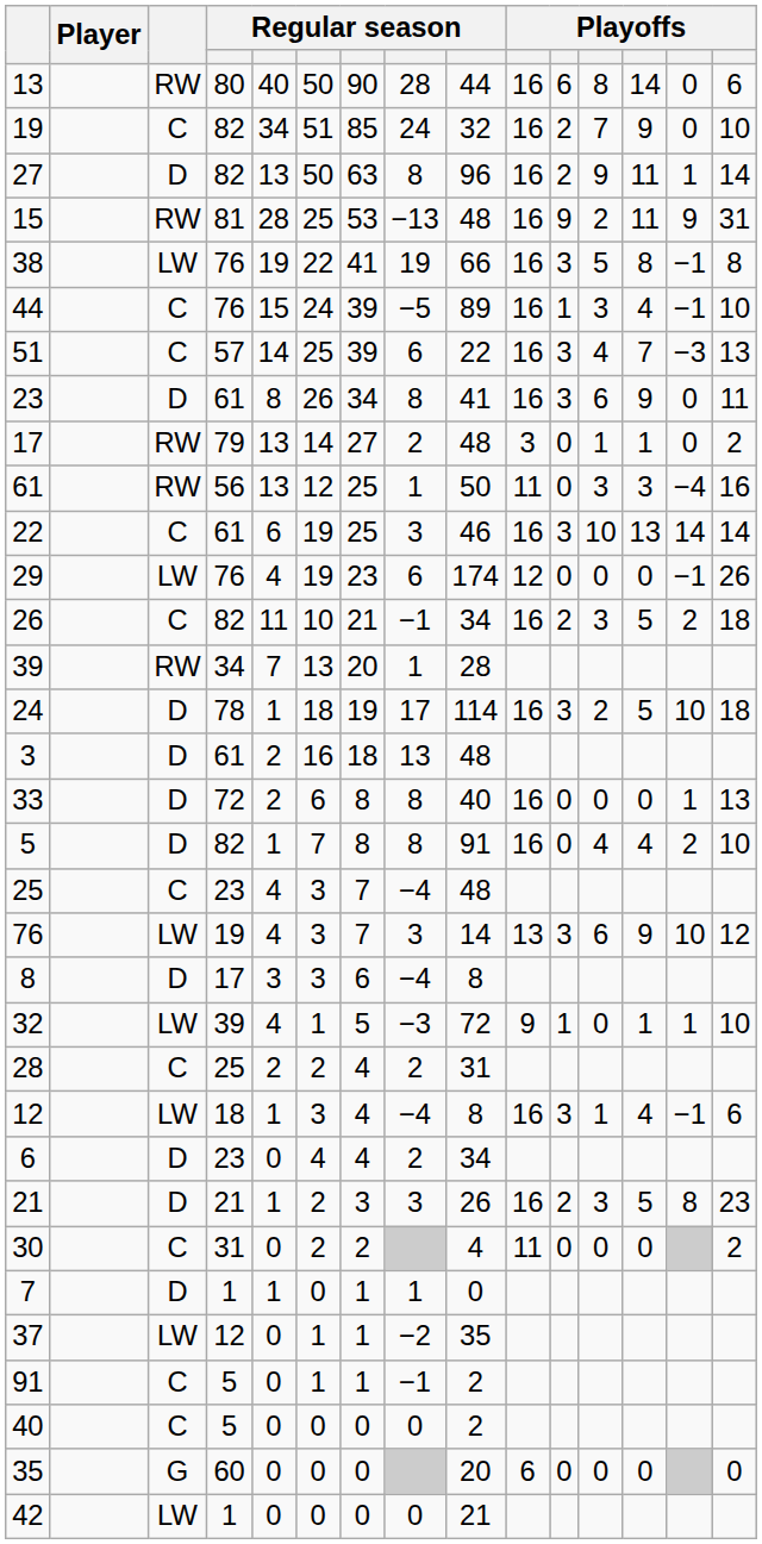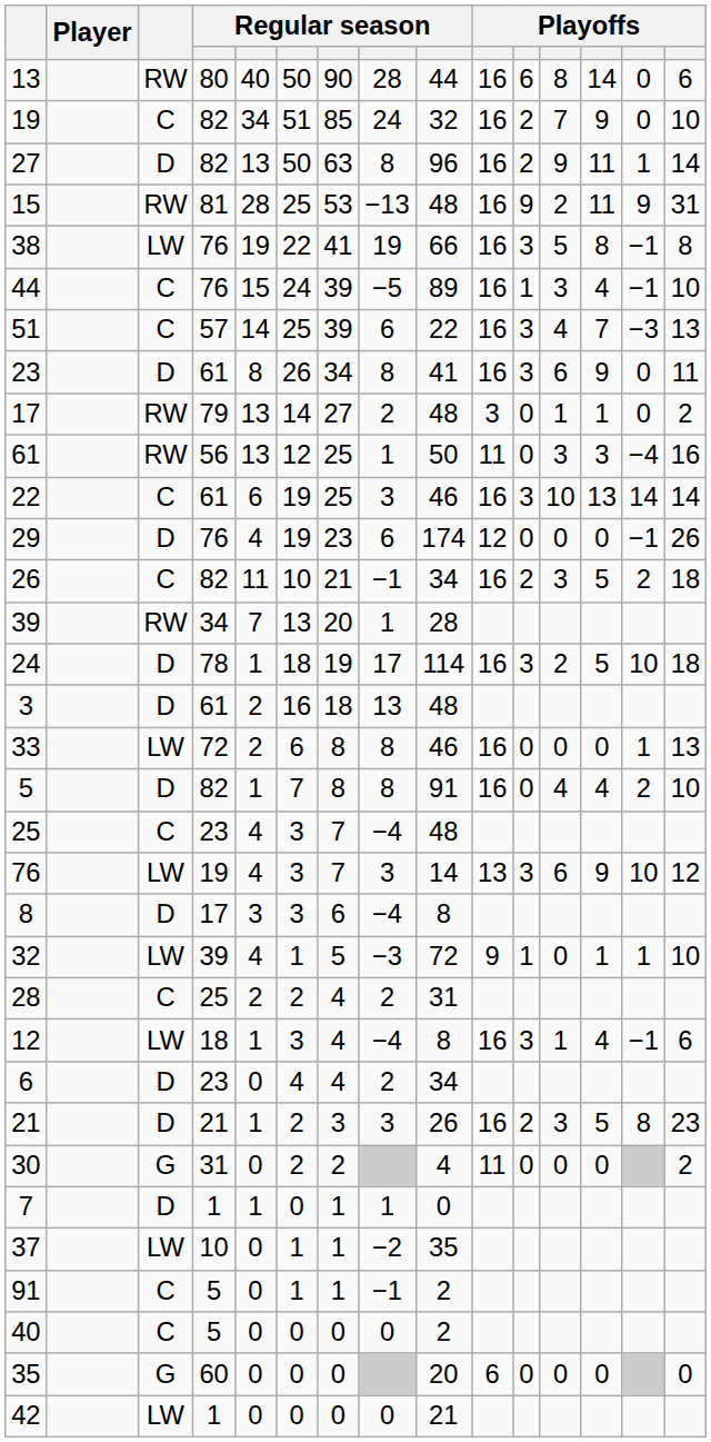 <table class="wikitable sortable plainrowheaders" style="text-align:center;">
 <tr>
 <th scope="col" data-sort-type="number" rowspan="2"></th>
 <th scope="col" rowspan="2">Player</th>
 <th scope="col" rowspan="2"></th>
 <th scope=colgroup colspan=6>Regular season</th>
 <th scope=colgroup colspan=6>Playoffs</th>
 </tr>
 <tr>
 <th scope="col" data-sort-type="number"></th>
 <th scope="col" data-sort-type="number"></th>
 <th scope="col" data-sort-type="number"></th>
 <th scope="col" data-sort-type="number"></th>
 <th scope="col" data-sort-type="number"></th>
 <th scope="col" data-sort-type="number"></th>
 <th scope="col" data-sort-type="number"></th>
 <th scope="col" data-sort-type="number"></th>
 <th scope="col" data-sort-type="number"></th>
 <th scope="col" data-sort-type="number"></th>
 <th scope="col" data-sort-type="number"></th>
 <th scope="col" data-sort-type="number"></th>
 </tr>
 <tr>
 <td scope="row">13</td>
 <td align="left"></td>
 <td>RW</td>
 <td>80</td>
 <td>40</td>
 <td>50</td>
 <td>90</td>
 <td>28</td>
 <td>44</td>
 <td>16</td>
 <td>6</td>
 <td>8</td>
 <td>14</td>
 <td>0</td>
 <td>6</td>
 </tr>
 <tr>
 <td scope="row">19</td>
 <td align="left"></td>
 <td>C</td>
 <td>82</td>
 <td>34</td>
 <td>51</td>
 <td>85</td>
 <td>24</td>
 <td>32</td>
 <td>16</td>
 <td>2</td>
 <td>7</td>
 <td>9</td>
 <td>0</td>
 <td>10</td>
 </tr>
 <tr>
 <td scope="row">27</td>
 <td align="left"></td>
 <td>D</td>
 <td>82</td>
 <td>13</td>
 <td>50</td>
 <td>63</td>
 <td>8</td>
 <td>96</td>
 <td>16</td>
 <td>2</td>
 <td>9</td>
 <td>11</td>
 <td>1</td>
 <td>14</td>
 </tr>
 <tr>
 <td scope="row">15</td>
 <td align="left"></td>
 <td>RW</td>
 <td>81</td>
 <td>28</td>
 <td>25</td>
 <td>53</td>
 <td>−13</td>
 <td>48</td>
 <td>16</td>
 <td>9</td>
 <td>2</td>
 <td>11</td>
 <td>9</td>
 <td>31</td>
 </tr>
 <tr>
 <td scope="row">38</td>
 <td align="left"></td>
 <td>LW</td>
 <td>76</td>
 <td>19</td>
 <td>22</td>
 <td>41</td>
 <td>19</td>
 <td>66</td>
 <td>16</td>
 <td>3</td>
 <td>5</td>
 <td>8</td>
 <td>−1</td>
 <td>8</td>
 </tr>
 <tr>
 <td scope="row">44</td>
 <td align="left"></td>
 <td>C</td>
 <td>76</td>
 <td>15</td>
 <td>24</td>
 <td>39</td>
 <td>−5</td>
 <td>89</td>
 <td>16</td>
 <td>1</td>
 <td>3</td>
 <td>4</td>
 <td>−1</td>
 <td>10</td>
 </tr>
 <tr>
 <td scope="row">51</td>
 <td align="left"></td>
 <td>C</td>
 <td>57</td>
 <td>14</td>
 <td>25</td>
 <td>39</td>
 <td>6</td>
 <td>22</td>
 <td>16</td>
 <td>3</td>
 <td>4</td>
 <td>7</td>
 <td>−3</td>
 <td>13</td>
 </tr>
 <tr>
 <td scope="row">23</td>
 <td align="left"></td>
 <td>D</td>
 <td>61</td>
 <td>8</td>
 <td>26</td>
 <td>34</td>
 <td>8</td>
 <td>41</td>
 <td>16</td>
 <td>3</td>
 <td>6</td>
 <td>9</td>
 <td>0</td>
 <td>11</td>
 </tr>
 <tr>
 <td scope="row">17</td>
 <td align="left"></td>
 <td>RW</td>
 <td>79</td>
 <td>13</td>
 <td>14</td>
 <td>27</td>
 <td>2</td>
 <td>48</td>
 <td>3</td>
 <td>0</td>
 <td>1</td>
 <td>1</td>
 <td>0</td>
 <td>2</td>
 </tr>
 <tr>
 <td scope="row">61</td>
 <td align="left"></td>
 <td>RW</td>
 <td>56</td>
 <td>13</td>
 <td>12</td>
 <td>25</td>
 <td>1</td>
 <td>50</td>
 <td>11</td>
 <td>0</td>
 <td>3</td>
 <td>3</td>
 <td>−4</td>
 <td>16</td>
 </tr>
 <tr>
 <td scope="row">22</td>
 <td align="left"></td>
 <td>C</td>
 <td>61</td>
 <td>6</td>
 <td>19</td>
 <td>25</td>
 <td>3</td>
 <td>46</td>
 <td>16</td>
 <td>3</td>
 <td>10</td>
 <td>13</td>
 <td>14</td>
 <td>14</td>
 </tr>
 <tr>
 <td scope="row">29</td>
 <td align="left"></td>
-<td>LW</td>
+<td>D</td>
 <td>76</td>
 <td>4</td>
 <td>19</td>
 <td>23</td>
 <td>6</td>
 <td>174</td>
 <td>12</td>
 <td>0</td>
 <td>0</td>
 <td>0</td>
 <td>−1</td>
 <td>26</td>
 </tr>
 <tr>
 <td scope="row">26</td>
 <td align="left"></td>
 <td>C</td>
 <td>82</td>
 <td>11</td>
 <td>10</td>
 <td>21</td>
 <td>−1</td>
 <td>34</td>
 <td>16</td>
 <td>2</td>
 <td>3</td>
 <td>5</td>
 <td>2</td>
 <td>18</td>
 </tr>
 <tr>
 <td scope="row">39</td>
 <td align="left"></td>
 <td>RW</td>
 <td>34</td>
 <td>7</td>
 <td>13</td>
 <td>20</td>
 <td>1</td>
 <td>28</td>
 <td></td>
 <td></td>
 <td></td>
 <td></td>
 <td></td>
 <td></td>
 </tr>
 <tr>
 <td scope="row">24</td>
 <td align="left"></td>
 <td>D</td>
 <td>78</td>
 <td>1</td>
 <td>18</td>
 <td>19</td>
 <td>17</td>
 <td>114</td>
 <td>16</td>
 <td>3</td>
 <td>2</td>
 <td>5</td>
 <td>10</td>
 <td>18</td>
 </tr>
 <tr>
 <td scope="row">3</td>
 <td align="left"></td>
 <td>D</td>
 <td>61</td>
 <td>2</td>
 <td>16</td>
 <td>18</td>
 <td>13</td>
 <td>48</td>
 <td></td>
 <td></td>
 <td></td>
 <td></td>
 <td></td>
 <td></td>
 </tr>
 <tr>
 <td scope="row">33</td>
 <td align="left"></td>
-<td>D</td>
+<td>LW</td>
 <td>72</td>
 <td>2</td>
 <td>6</td>
 <td>8</td>
 <td>8</td>
-<td>40</td>
+<td>46</td>
 <td>16</td>
 <td>0</td>
 <td>0</td>
 <td>0</td>
 <td>1</td>
 <td>13</td>
 </tr>
 <tr>
 <td scope="row">5</td>
 <td align="left"></td>
 <td>D</td>
 <td>82</td>
 <td>1</td>
 <td>7</td>
 <td>8</td>
 <td>8</td>
 <td>91</td>
 <td>16</td>
 <td>0</td>
 <td>4</td>
 <td>4</td>
 <td>2</td>
 <td>10</td>
 </tr>
 <tr>
 <td scope="row">25</td>
 <td align="left"></td>
 <td>C</td>
 <td>23</td>
 <td>4</td>
 <td>3</td>
 <td>7</td>
 <td>−4</td>
 <td>48</td>
 <td></td>
 <td></td>
 <td></td>
 <td></td>
 <td></td>
 <td></td>
 </tr>
 <tr>
 <td scope="row">76</td>
 <td align="left"></td>
 <td>LW</td>
 <td>19</td>
 <td>4</td>
 <td>3</td>
 <td>7</td>
 <td>3</td>
 <td>14</td>
 <td>13</td>
 <td>3</td>
 <td>6</td>
 <td>9</td>
 <td>10</td>
 <td>12</td>
 </tr>
 <tr>
 <td scope="row">8</td>
 <td align="left"></td>
 <td>D</td>
 <td>17</td>
 <td>3</td>
 <td>3</td>
 <td>6</td>
 <td>−4</td>
 <td>8</td>
 <td></td>
 <td></td>
 <td></td>
 <td></td>
 <td></td>
 <td></td>
 </tr>
 <tr>
 <td scope="row">32</td>
 <td align="left"></td>
 <td>LW</td>
 <td>39</td>
 <td>4</td>
 <td>1</td>
 <td>5</td>
 <td>−3</td>
 <td>72</td>
 <td>9</td>
 <td>1</td>
 <td>0</td>
 <td>1</td>
 <td>1</td>
 <td>10</td>
 </tr>
 <tr>
 <td scope="row">28</td>
 <td align="left"></td>
 <td>C</td>
 <td>25</td>
 <td>2</td>
 <td>2</td>
 <td>4</td>
 <td>2</td>
 <td>31</td>
 <td></td>
 <td></td>
 <td></td>
 <td></td>
 <td></td>
 <td></td>
 </tr>
 <tr>
 <td scope="row">12</td>
 <td align="left"></td>
 <td>LW</td>
 <td>18</td>
 <td>1</td>
 <td>3</td>
 <td>4</td>
 <td>−4</td>
 <td>8</td>
 <td>16</td>
 <td>3</td>
 <td>1</td>
 <td>4</td>
 <td>−1</td>
 <td>6</td>
 </tr>
 <tr>
 <td scope="row">6</td>
 <td align="left"></td>
 <td>D</td>
 <td>23</td>
 <td>0</td>
 <td>4</td>
 <td>4</td>
 <td>2</td>
 <td>34</td>
 <td></td>
 <td></td>
 <td></td>
 <td></td>
 <td></td>
 <td></td>
 </tr>
 <tr>
 <td scope="row">21</td>
 <td align="left"></td>
 <td>D</td>
 <td>21</td>
 <td>1</td>
 <td>2</td>
 <td>3</td>
 <td>3</td>
 <td>26</td>
 <td>16</td>
 <td>2</td>
 <td>3</td>
 <td>5</td>
 <td>8</td>
 <td>23</td>
 </tr>
 <tr>
 <td scope="row">30</td>
 <td align="left"></td>
-<td>C</td>
+<td>G</td>
 <td>31</td>
 <td>0</td>
 <td>2</td>
 <td>2</td>
 <td style="background:#ccc"></td>
 <td>4</td>
 <td>11</td>
 <td>0</td>
 <td>0</td>
 <td>0</td>
 <td style="background:#ccc"></td>
 <td>2</td>
 </tr>
 <tr>
 <td scope="row">7</td>
 <td align="left"></td>
 <td>D</td>
 <td>1</td>
 <td>1</td>
 <td>0</td>
 <td>1</td>
 <td>1</td>
 <td>0</td>
 <td></td>
 <td></td>
 <td></td>
 <td></td>
 <td></td>
 <td></td>
 </tr>
 <tr>
 <td scope="row">37</td>
 <td align="left"></td>
 <td>LW</td>
-<td>12</td>
+<td>10</td>
 <td>0</td>
 <td>1</td>
 <td>1</td>
 <td>−2</td>
 <td>35</td>
 <td></td>
 <td></td>
 <td></td>
 <td></td>
 <td></td>
 <td></td>
 </tr>
 <tr>
 <td scope="row">91</td>
 <td align="left"></td>
 <td>C</td>
 <td>5</td>
 <td>0</td>
 <td>1</td>
 <td>1</td>
 <td>−1</td>
 <td>2</td>
 <td></td>
 <td></td>
 <td></td>
 <td></td>
 <td></td>
 <td></td>
 </tr>
 <tr>
 <td scope="row">40</td>
 <td align="left"></td>
 <td>C</td>
 <td>5</td>
 <td>0</td>
 <td>0</td>
 <td>0</td>
 <td>0</td>
 <td>2</td>
 <td></td>
 <td></td>
 <td></td>
 <td></td>
 <td></td>
 <td></td>
 </tr>
 <tr>
 <td scope="row">35</td>
 <td align="left"></td>
 <td>G</td>
 <td>60</td>
 <td>0</td>
 <td>0</td>
 <td>0</td>
 <td style="background:#ccc"></td>
 <td>20</td>
 <td>6</td>
 <td>0</td>
 <td>0</td>
 <td>0</td>
 <td style="background:#ccc"></td>
 <td>0</td>
 </tr>
 <tr>
 <td scope="row">42</td>
 <td align="left"></td>
 <td>LW</td>
 <td>1</td>
 <td>0</td>
 <td>0</td>
 <td>0</td>
 <td>0</td>
 <td>21</td>
 <td></td>
 <td></td>
 <td></td>
 <td></td>
 <td></td>
 <td></td>
 </tr>
 </table>
